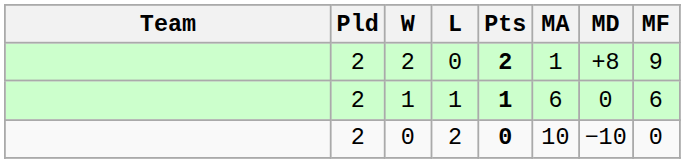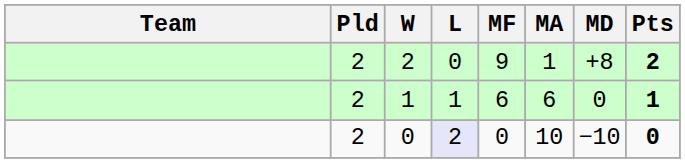 <table class=wikitable style="text-align:center">
 <tr>
 <th width=175>Team</th>
 <th width=20>Pld</th>
 <th width=20>W</th>
 <th width=20>L</th>
-<th width=20>Pts</th>
+<th width=20>MF</th>
 <th width=20>MA</th>
 <th width=20>MD</th>
-<th width=20>MF</th>
+<th width=20>Pts</th>
 </tr>
 <tr bgcolor=ccffcc>
 <td align=left></td>
 <td>2</td>
 <td>2</td>
 <td>0</td>
-<td><strong>2</strong></td>
+<td>9</td>
 <td>1</td>
 <td>+8</td>
-<td>9</td>
+<td><strong>2</strong></td>
 </tr>
 <tr bgcolor=ccffcc>
 <td align=left></td>
 <td>2</td>
 <td>1</td>
 <td>1</td>
-<td><strong>1</strong></td>
+<td>6</td>
 <td>6</td>
 <td>0</td>
-<td>6</td>
+<td><strong>1</strong></td>
 </tr>
 <tr>
 <td align=left></td>
 <td>2</td>
 <td>0</td>
-<td>2</td>
-<td><strong>0</strong></td>
+<td style="background: lavender;">2</td>
+<td>0</td>
 <td>10</td>
 <td>−10</td>
-<td>0</td>
+<td><strong>0</strong></td>
 </tr>
 </table>
